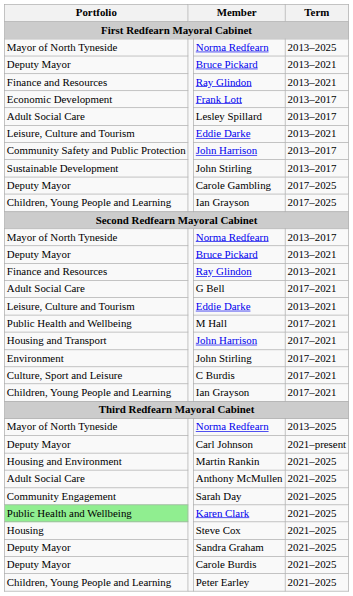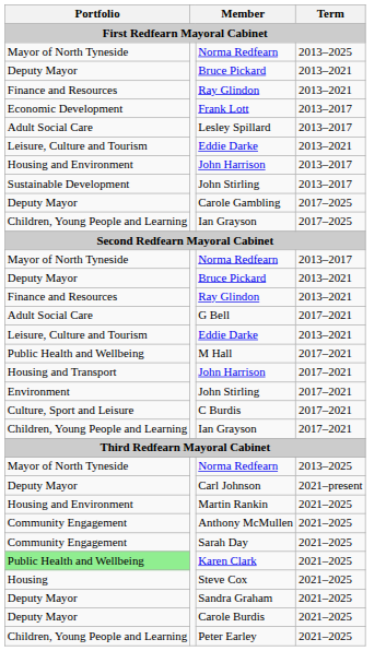 <table class="wikitable mw-collapsible">
 <tr>
 <th>Portfolio</th>
 <th colspan="2">Member</th>
 <th>Term</th>
 </tr>
 <tr>
 <th style="background:#cccccc;" colspan="5">First Redfearn Mayoral Cabinet</th>
 </tr>
 <tr>
 <td>Mayor of North Tyneside</td>
 <td rowspan="10" style="background-color: "></td>
 <td><a href='#'>Norma Redfearn</a></td>
 <td>2013–2025</td>
 </tr>
 <tr>
 <td>Deputy Mayor</td>
 <td><a href='#'>Bruce Pickard</a></td>
 <td>2013–2021</td>
 </tr>
 <tr>
 <td>Finance and Resources</td>
 <td><a href='#'>Ray Glindon</a></td>
 <td>2013–2021</td>
 </tr>
 <tr>
 <td>Economic Development</td>
 <td><a href='#'>Frank Lott</a></td>
 <td>2013–2017</td>
 </tr>
 <tr>
 <td>Adult Social Care</td>
 <td>Lesley Spillard</td>
 <td>2013–2017</td>
 </tr>
 <tr>
 <td>Leisure, Culture and Tourism</td>
 <td><a href='#'>Eddie Darke</a></td>
 <td>2013–2021</td>
 </tr>
 <tr>
-<td>Community Safety and Public Protection</td>
+<td>Housing and Environment</td>
 <td><a href='#'>John Harrison</a></td>
 <td>2013–2017</td>
 </tr>
 <tr>
 <td>Sustainable Development</td>
 <td>John Stirling</td>
 <td>2013–2017</td>
 </tr>
 <tr>
 <td>Deputy Mayor</td>
 <td>Carole Gambling</td>
 <td>2017–2025</td>
 </tr>
 <tr>
 <td>Children, Young People and Learning</td>
 <td>Ian Grayson</td>
 <td>2017–2025</td>
 </tr>
 <tr>
 <th style="background:#cccccc;" colspan="5">Second Redfearn Mayoral Cabinet</th>
 </tr>
 <tr>
 <td>Mayor of North Tyneside</td>
 <td rowspan="10" style="background-color: "></td>
 <td><a href='#'>Norma Redfearn</a></td>
 <td>2013–2017</td>
 </tr>
 <tr>
 <td>Deputy Mayor</td>
 <td><a href='#'>Bruce Pickard</a></td>
 <td>2013–2021</td>
 </tr>
 <tr>
 <td>Finance and Resources</td>
 <td><a href='#'>Ray Glindon</a></td>
 <td>2013–2021</td>
 </tr>
 <tr>
 <td>Adult Social Care</td>
 <td>G Bell</td>
 <td>2017–2021</td>
 </tr>
 <tr>
 <td>Leisure, Culture and Tourism</td>
 <td><a href='#'>Eddie Darke</a></td>
 <td>2013–2021</td>
 </tr>
 <tr>
 <td>Public Health and Wellbeing</td>
 <td>M Hall</td>
 <td>2017–2021</td>
 </tr>
 <tr>
 <td>Housing and Transport</td>
 <td><a href='#'>John Harrison</a></td>
 <td>2017–2021</td>
 </tr>
 <tr>
 <td>Environment</td>
 <td>John Stirling</td>
 <td>2017–2021</td>
 </tr>
 <tr>
 <td>Culture, Sport and Leisure</td>
 <td>C Burdis</td>
 <td>2017–2021</td>
 </tr>
 <tr>
 <td>Children, Young People and Learning</td>
 <td>Ian Grayson</td>
 <td>2017–2021</td>
 </tr>
 <tr>
 <th style="background:#cccccc;" colspan="5">Third Redfearn Mayoral Cabinet</th>
 </tr>
 <tr>
 <td>Mayor of North Tyneside</td>
 <td rowspan="10" style="background-color: "></td>
 <td><a href='#'>Norma Redfearn</a></td>
 <td>2013–2025</td>
 </tr>
 <tr>
 <td>Deputy Mayor</td>
 <td>Carl Johnson</td>
 <td>2021–present</td>
 </tr>
 <tr>
 <td>Housing and Environment</td>
 <td>Martin Rankin</td>
 <td>2021–2025</td>
 </tr>
 <tr>
-<td>Adult Social Care</td>
+<td>Community Engagement</td>
 <td>Anthony McMullen</td>
 <td>2021–2025</td>
 </tr>
 <tr>
 <td>Community Engagement</td>
 <td>Sarah Day</td>
 <td>2021–2025</td>
 </tr>
 <tr>
 <td style="background: lightgreen;">Public Health and Wellbeing</td>
 <td><a href='#'>Karen Clark</a></td>
 <td>2021–2025</td>
 </tr>
 <tr>
 <td>Housing</td>
 <td>Steve Cox</td>
 <td>2021–2025</td>
 </tr>
 <tr>
 <td>Deputy Mayor</td>
 <td>Sandra Graham</td>
 <td>2021–2025</td>
 </tr>
 <tr>
 <td>Deputy Mayor</td>
 <td>Carole Burdis</td>
 <td>2021–2025</td>
 </tr>
 <tr>
 <td>Children, Young People and Learning</td>
 <td>Peter Earley</td>
 <td>2021–2025</td>
 </tr>
 </table>
